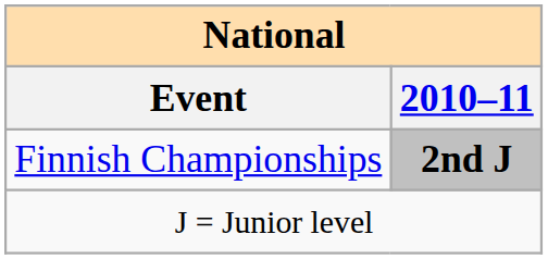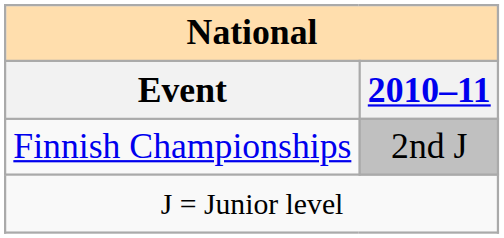 <table class="wikitable" style="text-align:center">
 <tr>
 <th style="background-color: #ffdead; " colspan=2 align=center>National</th>
 </tr>
 <tr>
 <th>Event</th>
 <th><a href='#'>2010–11</a></th>
 </tr>
 <tr>
 <td align=left><a href='#'>Finnish Championships</a></td>
-<td bgcolor=silver><strong>2nd J</strong></td>
+<td bgcolor=silver>2nd J</td>
 </tr>
 <tr>
 <td colspan=2 align=center><small> J = Junior level </small></td>
 </tr>
 </table>
